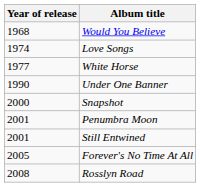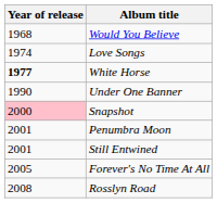 <table class="wikitable">
 <tr>
 <th>Year of release</th>
 <th>Album title</th>
 </tr>
 <tr>
 <td>1968</td>
 <td><em><a href='#'>Would You Believe</a></em></td>
 </tr>
 <tr>
 <td>1974</td>
 <td><em>Love Songs</em></td>
 </tr>
 <tr>
-<td>1977</td>
+<td><strong>1977</strong></td>
 <td><em>White Horse</em></td>
 </tr>
 <tr>
 <td>1990</td>
 <td><em>Under One Banner</em></td>
 </tr>
 <tr>
-<td>2000</td>
+<td style="background: pink;">2000</td>
 <td><em>Snapshot</em></td>
 </tr>
 <tr>
 <td>2001</td>
 <td><em>Penumbra Moon</em></td>
 </tr>
 <tr>
 <td>2001</td>
 <td><em>Still Entwined</em></td>
 </tr>
 <tr>
 <td>2005</td>
 <td><em>Forever's No Time At All</em></td>
 </tr>
 <tr>
 <td>2008</td>
 <td><em>Rosslyn Road</em></td>
 </tr>
 </table>
